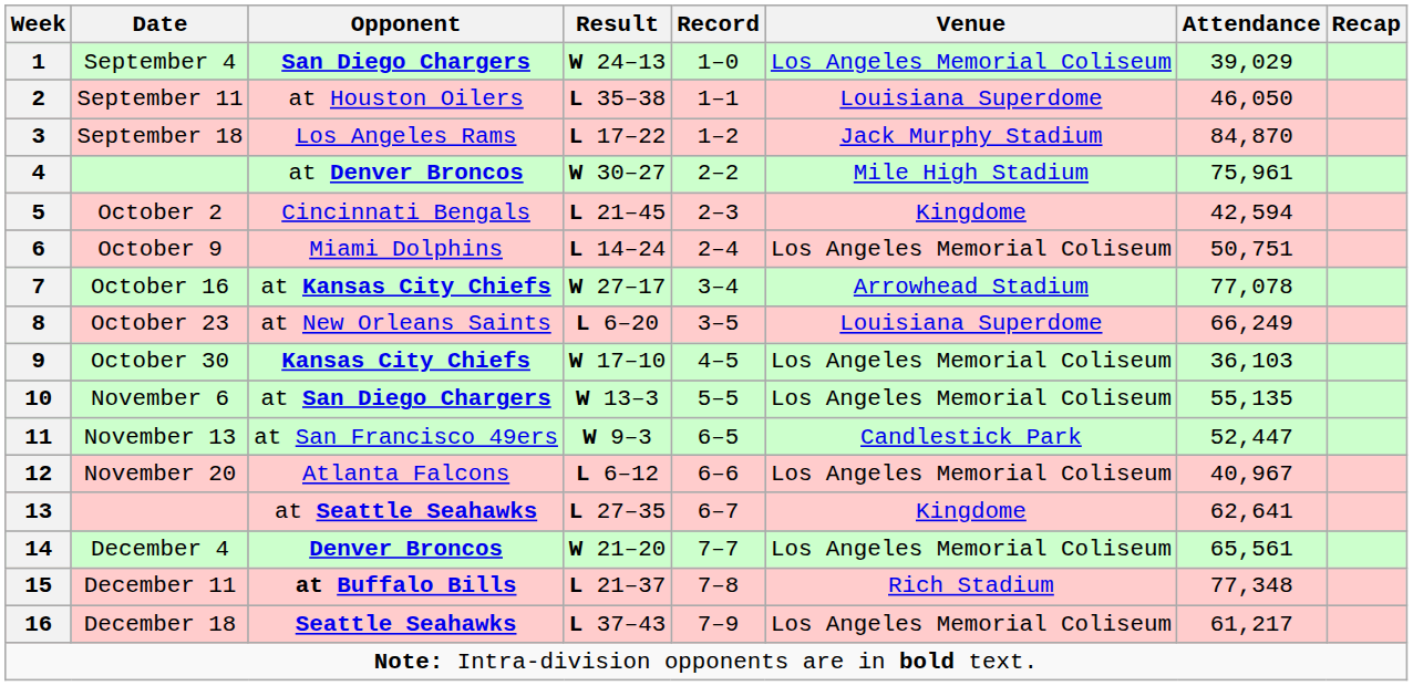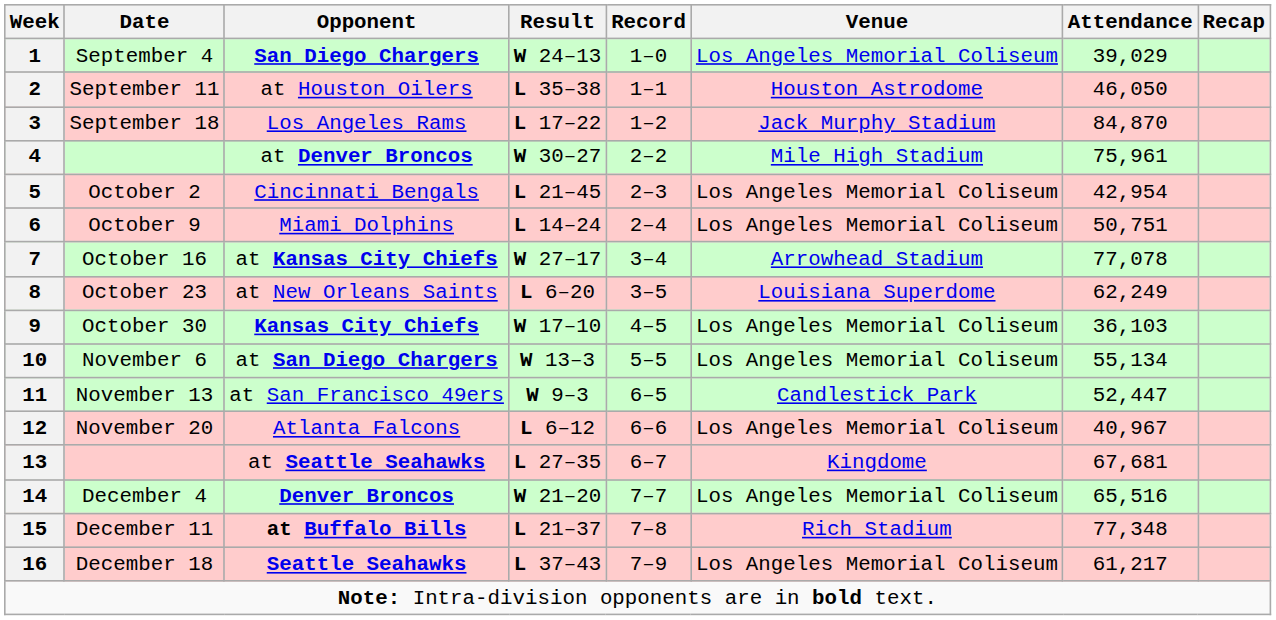 <table class="wikitable" style="text-align:center">
 <tr>
 <th>Week</th>
 <th>Date</th>
 <th>Opponent</th>
 <th>Result</th>
 <th>Record</th>
 <th>Venue</th>
 <th>Attendance</th>
 <th>Recap</th>
 </tr>
 <tr style="background: #cfc;">
 <th>1</th>
 <td>September 4</td>
 <td><strong><a href='#'>San Diego Chargers</a></strong></td>
 <td><strong>W</strong> 24–13</td>
 <td>1–0</td>
 <td><a href='#'>Los Angeles Memorial Coliseum</a></td>
 <td>39,029</td>
 <td></td>
 </tr>
 <tr style="background: #fcc;">
 <th>2</th>
 <td>September 11</td>
 <td>at <a href='#'>Houston Oilers</a></td>
 <td><strong>L</strong> 35–38</td>
 <td>1–1</td>
-<td><a href='#'>Louisiana Superdome</a></td>
+<td><a href='#'>Houston Astrodome</a></td>
 <td>46,050</td>
 <td></td>
 </tr>
 <tr style="background: #fcc;">
 <th>3</th>
 <td>September 18</td>
 <td><a href='#'>Los Angeles Rams</a></td>
 <td><strong>L</strong> 17–22</td>
 <td>1–2</td>
 <td><a href='#'>Jack Murphy Stadium</a></td>
 <td>84,870</td>
 <td></td>
 </tr>
 <tr style="background: #cfc;">
 <th>4</th>
 <td></td>
 <td>at <strong><a href='#'>Denver Broncos</a></strong></td>
 <td><strong>W</strong> 30–27</td>
 <td>2–2</td>
 <td><a href='#'>Mile High Stadium</a></td>
 <td>75,961</td>
 <td></td>
 </tr>
 <tr style="background: #fcc;">
 <th>5</th>
 <td>October 2</td>
 <td><a href='#'>Cincinnati Bengals</a></td>
 <td><strong>L</strong> 21–45</td>
 <td>2–3</td>
-<td><a href='#'>Kingdome</a></td>
-<td>42,594</td>
+<td>Los Angeles Memorial Coliseum</td>
+<td>42,954</td>
 <td></td>
 </tr>
 <tr style="background: #fcc;">
 <th>6</th>
 <td>October 9</td>
 <td><a href='#'>Miami Dolphins</a></td>
 <td><strong>L</strong> 14–24</td>
 <td>2–4</td>
 <td>Los Angeles Memorial Coliseum</td>
 <td>50,751</td>
 <td></td>
 </tr>
 <tr style="background: #cfc;">
 <th>7</th>
 <td>October 16</td>
 <td>at <strong><a href='#'>Kansas City Chiefs</a></strong></td>
 <td><strong>W</strong> 27–17</td>
 <td>3–4</td>
 <td><a href='#'>Arrowhead Stadium</a></td>
 <td>77,078</td>
 <td></td>
 </tr>
 <tr style="background: #fcc;">
 <th>8</th>
 <td>October 23</td>
 <td>at <a href='#'>New Orleans Saints</a></td>
 <td><strong>L</strong> 6–20</td>
 <td>3–5</td>
 <td><a href='#'>Louisiana Superdome</a></td>
-<td>66,249</td>
+<td>62,249</td>
 <td></td>
 </tr>
 <tr style="background: #cfc;">
 <th>9</th>
 <td>October 30</td>
 <td><strong><a href='#'>Kansas City Chiefs</a></strong></td>
 <td><strong>W</strong> 17–10</td>
 <td>4–5</td>
 <td>Los Angeles Memorial Coliseum</td>
 <td>36,103</td>
 <td></td>
 </tr>
 <tr style="background: #cfc;">
 <th>10</th>
 <td>November 6</td>
 <td>at <strong><a href='#'>San Diego Chargers</a></strong></td>
 <td><strong>W</strong> 13–3</td>
 <td>5–5</td>
 <td>Los Angeles Memorial Coliseum</td>
-<td>55,135</td>
+<td>55,134</td>
 <td></td>
 </tr>
 <tr style="background: #cfc;">
 <th>11</th>
 <td>November 13</td>
 <td>at <a href='#'>San Francisco 49ers</a></td>
 <td><strong>W</strong> 9–3</td>
 <td>6–5</td>
 <td><a href='#'>Candlestick Park</a></td>
 <td>52,447</td>
 <td></td>
 </tr>
 <tr style="background: #fcc;">
 <th>12</th>
 <td>November 20</td>
 <td><a href='#'>Atlanta Falcons</a></td>
 <td><strong>L</strong> 6–12</td>
 <td>6–6</td>
 <td>Los Angeles Memorial Coliseum</td>
 <td>40,967</td>
 <td></td>
 </tr>
 <tr style="background: #fcc;">
 <th>13</th>
 <td></td>
 <td>at <strong><a href='#'>Seattle Seahawks</a></strong></td>
 <td><strong>L</strong> 27–35</td>
 <td>6–7</td>
 <td><a href='#'>Kingdome</a></td>
-<td>62,641</td>
+<td>67,681</td>
 <td></td>
 </tr>
 <tr style="background: #cfc;">
 <th>14</th>
 <td>December 4</td>
 <td><strong><a href='#'>Denver Broncos</a></strong></td>
 <td><strong>W</strong> 21–20</td>
 <td>7–7</td>
 <td>Los Angeles Memorial Coliseum</td>
-<td>65,561</td>
+<td>65,516</td>
 <td></td>
 </tr>
 <tr style="background: #fcc;">
 <th>15</th>
 <td>December 11</td>
 <td><strong>at <a href='#'>Buffalo Bills</a></strong></td>
 <td><strong>L</strong> 21–37</td>
 <td>7–8</td>
 <td><a href='#'>Rich Stadium</a></td>
 <td>77,348</td>
 <td></td>
 </tr>
 <tr style="background: #fcc;">
 <th>16</th>
 <td>December 18</td>
 <td><strong><a href='#'>Seattle Seahawks</a></strong></td>
 <td><strong>L</strong> 37–43</td>
 <td>7–9</td>
 <td>Los Angeles Memorial Coliseum</td>
 <td>61,217</td>
 <td></td>
 </tr>
 <tr>
 <td colspan="8"><strong>Note:</strong> Intra-division opponents are in <strong>bold</strong> text.</td>
 </tr>
 </table>
